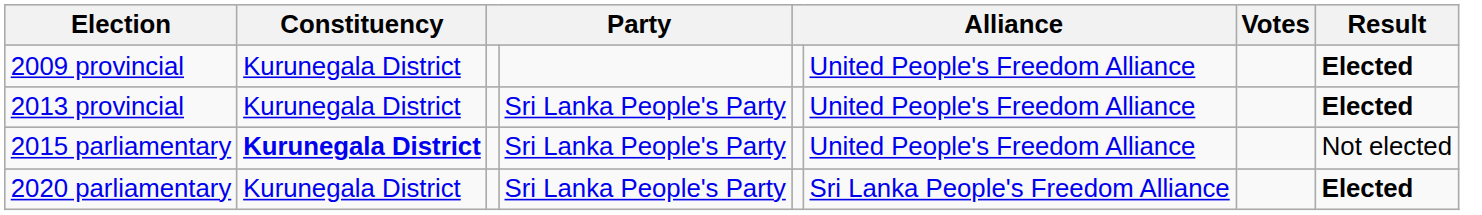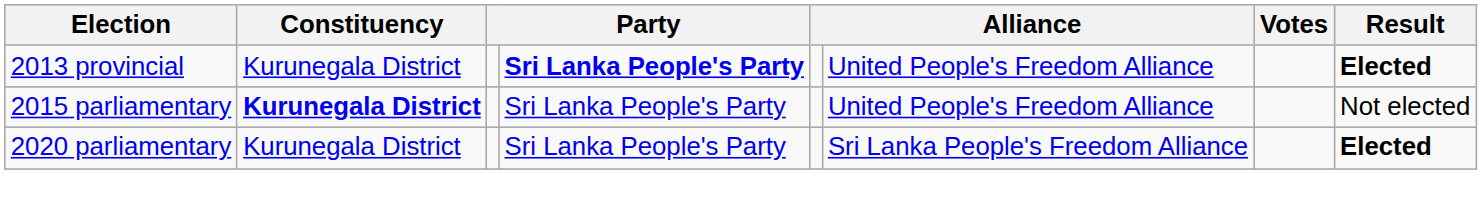 <table class="wikitable" style="text-align:left;">
 <tr>
 <th scope=col>Election</th>
 <th scope=col>Constituency</th>
 <th scope=col colspan="2">Party</th>
 <th scope=col colspan="2">Alliance</th>
 <th scope=col>Votes</th>
 <th scope=col>Result</th>
 </tr>
 <tr>
-<td><a href='#'>2009 provincial</a></td>
-<td><a href='#'>Kurunegala District</a></td>
-<td></td>
-<td></td>
-<td style="background:"></td>
-<td><a href='#'>United People's Freedom Alliance</a></td>
-<td align=right></td>
-<td><strong>Elected</strong></td>
-</tr>
-<tr>
 <td><a href='#'>2013 provincial</a></td>
 <td><a href='#'>Kurunegala District</a></td>
 <td style="background:"></td>
-<td><a href='#'>Sri Lanka People's Party</a></td>
+<td><strong><a href='#'>Sri Lanka People's Party</a></strong></td>
 <td style="background:"></td>
 <td><a href='#'>United People's Freedom Alliance</a></td>
 <td align=right></td>
 <td><strong>Elected</strong></td>
 </tr>
 <tr>
 <td><a href='#'>2015 parliamentary</a></td>
 <td><strong><a href='#'>Kurunegala District</a></strong></td>
 <td style="background:"></td>
 <td><a href='#'>Sri Lanka People's Party</a></td>
 <td style="background:"></td>
 <td><a href='#'>United People's Freedom Alliance</a></td>
 <td align=right></td>
 <td>Not elected</td>
 </tr>
 <tr>
 <td><a href='#'>2020 parliamentary</a></td>
 <td><a href='#'>Kurunegala District</a></td>
 <td style="background:"></td>
 <td><a href='#'>Sri Lanka People's Party</a></td>
 <td style="background:"></td>
 <td><a href='#'>Sri Lanka People's Freedom Alliance</a></td>
 <td align=right></td>
 <td><strong>Elected</strong></td>
 </tr>
 </table>
